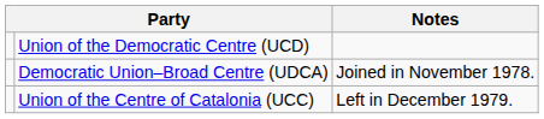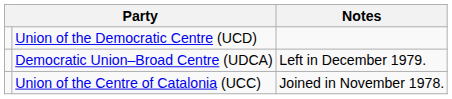 <table class="wikitable" style="text-align:left; font-size:95%;">
 <tr>
 <th colspan="2">Party</th>
 <th>Notes</th>
 </tr>
 <tr>
 <td width="1"></td>
 <td><a href='#'>Union of the Democratic Centre</a> (UCD)</td>
 <td></td>
 </tr>
 <tr>
 <td></td>
 <td><a href='#'>Democratic Union–Broad Centre</a> (UDCA)</td>
-<td>Joined in November 1978.</td>
+<td>Left in December 1979.</td>
 </tr>
 <tr>
 <td></td>
 <td><a href='#'>Union of the Centre of Catalonia</a> (UCC)</td>
-<td>Left in December 1979.</td>
+<td>Joined in November 1978.</td>
 </tr>
 </table>
